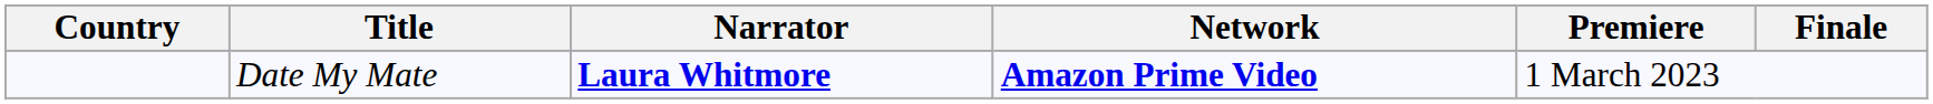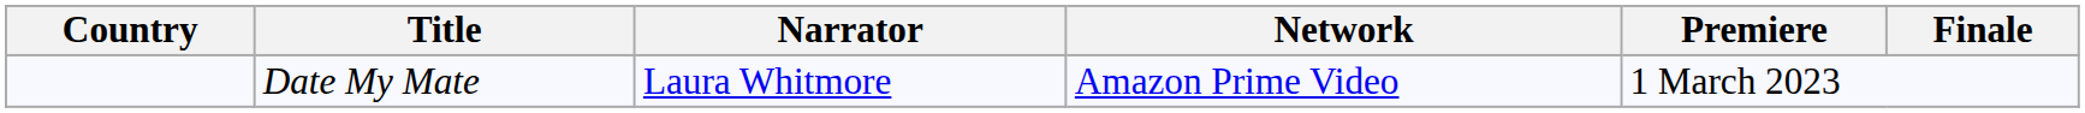 <table class="wikitable" style="text-align:left; line-height:14px; background:#F8F8FF; width:70%;">
 <tr>
 <th>Country</th>
 <th>Title</th>
 <th>Narrator</th>
 <th>Network</th>
 <th>Premiere</th>
 <th>Finale</th>
 </tr>
 <tr>
 <td></td>
 <td><em>Date My Mate</em></td>
-<td><strong><a href='#'>Laura Whitmore</a></strong></td>
-<td><strong><a href='#'>Amazon Prime Video</a></strong></td>
+<td><a href='#'>Laura Whitmore</a></td>
+<td><a href='#'>Amazon Prime Video</a></td>
 <td colspan="2">1 March 2023</td>
 </tr>
 </table>
